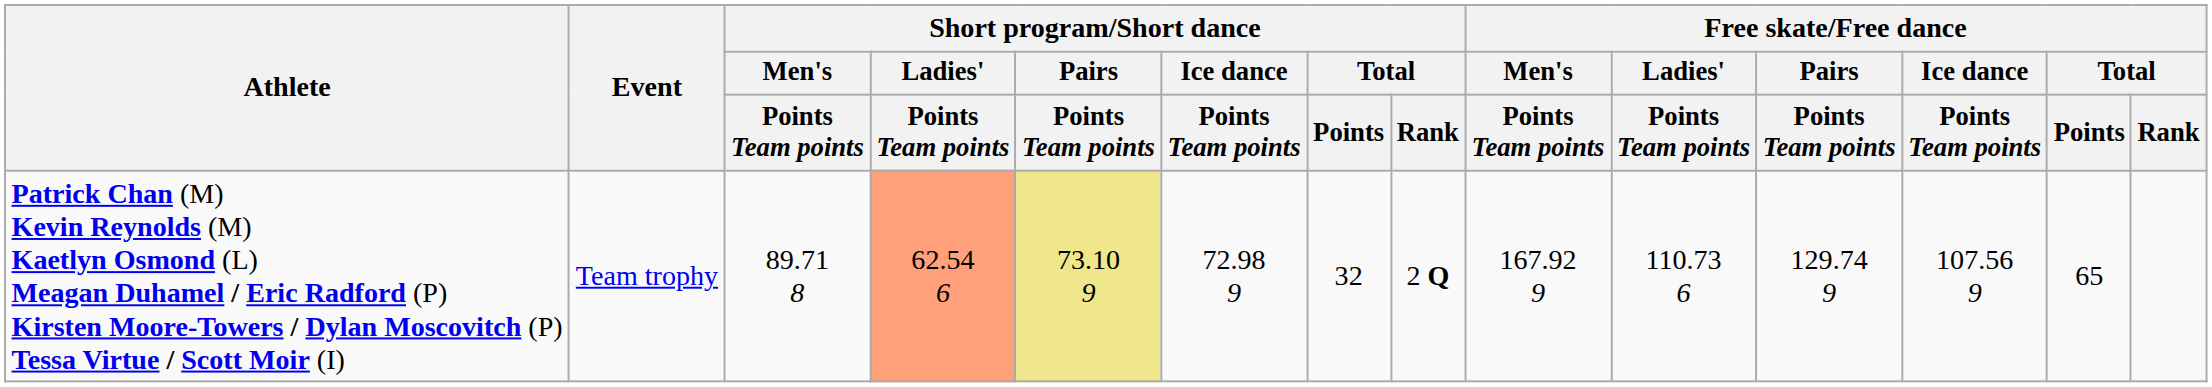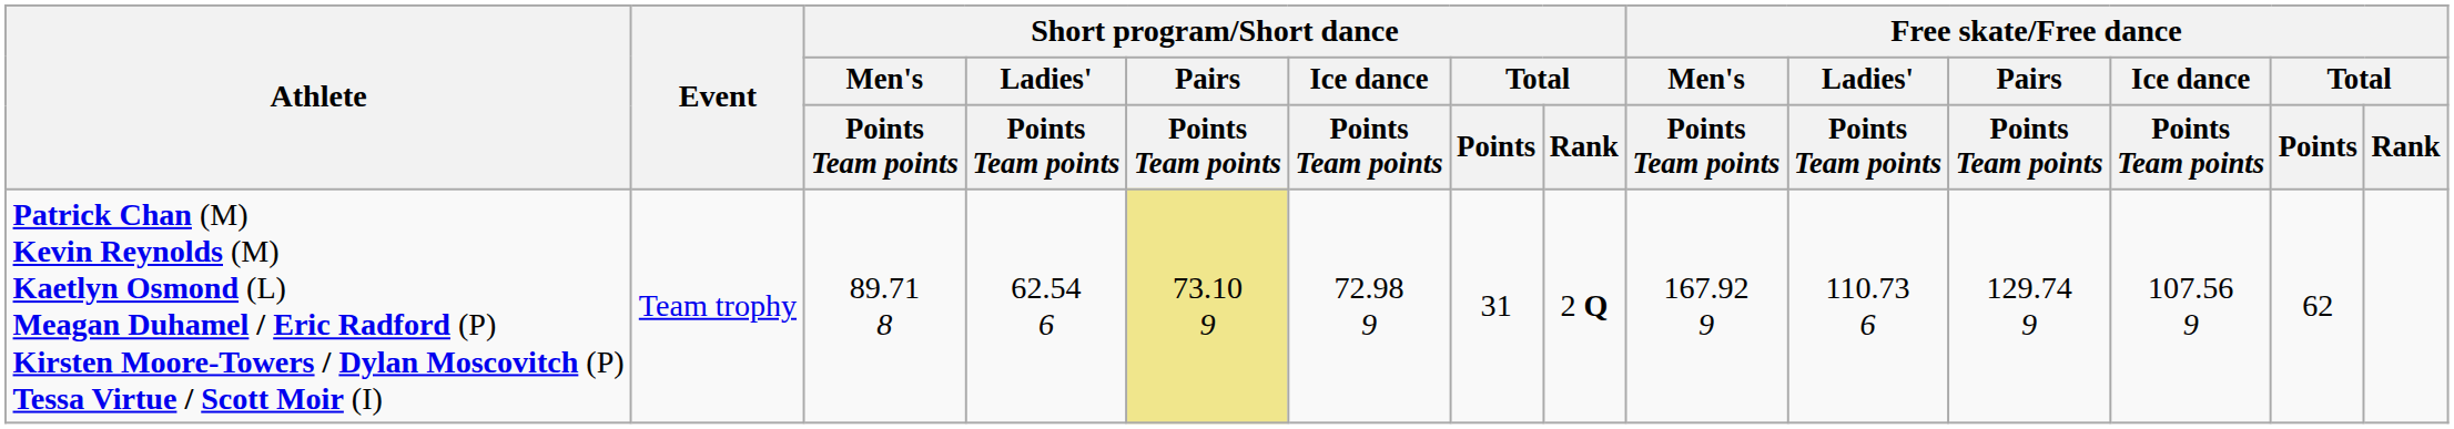 <table class="wikitable" style="font-size:90%">
 <tr>
 <th rowspan=3>Athlete</th>
 <th rowspan=3>Event</th>
 <th colspan=6>Short program/Short dance</th>
 <th colspan=6>Free skate/Free dance</th>
 </tr>
 <tr style="font-size:95%">
 <th>Men's</th>
 <th>Ladies'</th>
 <th>Pairs</th>
 <th>Ice dance</th>
 <th colspan=2>Total</th>
 <th>Men's</th>
 <th>Ladies'</th>
 <th>Pairs</th>
 <th>Ice dance</th>
 <th colspan=2>Total</th>
 </tr>
 <tr style="font-size:95%">
 <th>Points<br><em>Team points</em></th>
 <th>Points<br><em>Team points</em></th>
 <th>Points<br><em>Team points</em></th>
 <th>Points<br><em>Team points</em></th>
 <th>Points</th>
 <th>Rank</th>
 <th>Points<br><em>Team points</em></th>
 <th>Points<br><em>Team points</em></th>
 <th>Points<br><em>Team points</em></th>
 <th>Points<br><em>Team points</em></th>
 <th>Points</th>
 <th>Rank</th>
 </tr>
 <tr align=center>
 <td align=left><strong><a href='#'>Patrick Chan</a></strong> (M)<br><strong><a href='#'>Kevin Reynolds</a></strong> (M)<br><strong><a href='#'>Kaetlyn Osmond</a></strong> (L)<br><strong><a href='#'>Meagan Duhamel</a> / <a href='#'>Eric Radford</a></strong> (P)<br><strong><a href='#'>Kirsten Moore-Towers</a> / <a href='#'>Dylan Moscovitch</a></strong> (P)<br><strong><a href='#'>Tessa Virtue</a> / <a href='#'>Scott Moir</a></strong> (I)</td>
 <td align=left><a href='#'>Team trophy</a></td>
 <td>89.71<br><em>8</em></td>
-<td style="background: lightsalmon;">62.54<br><em>6</em></td>
+<td>62.54<br><em>6</em></td>
 <td style="background: khaki;">73.10<br><em>9</em></td>
 <td>72.98<br><em>9</em></td>
-<td>32</td>
+<td>31</td>
 <td>2 <strong>Q</strong></td>
 <td>167.92<br><em>9</em></td>
 <td>110.73<br><em>6</em></td>
 <td>129.74<br><em>9</em></td>
 <td>107.56<br><em>9</em></td>
-<td>65</td>
+<td>62</td>
 <td></td>
 </tr>
 </table>
